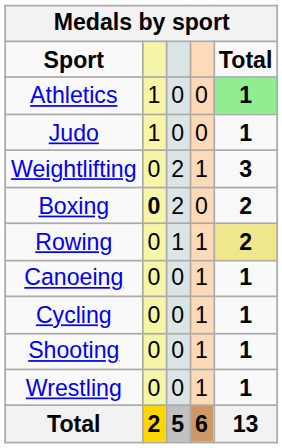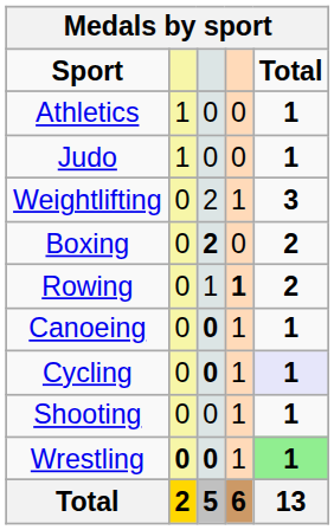 <table class="wikitable" style="font-size:85%; float: right;">
 <tr style="background:#efefef;">
 <th colspan=5><strong>Medals by sport</strong></th>
 </tr>
 <tr align=center>
 <td><strong>Sport</strong></td>
 <td bgcolor=#f7f6a8></td>
 <td bgcolor=#dce5e5></td>
 <td bgcolor=#ffdab9></td>
 <td><strong>Total</strong></td>
 </tr>
 <tr align=center>
 <td><a href='#'>Athletics</a></td>
 <td style="background:#F7F6A8;">1</td>
 <td style="background:#DCE5E5;">0</td>
 <td style="background:#FFDAB9;">0</td>
-<td style="background: lightgreen;"><strong>1</strong></td>
+<td><strong>1</strong></td>
 </tr>
 <tr align=center>
 <td><a href='#'>Judo</a></td>
 <td style="background:#F7F6A8;">1</td>
 <td style="background:#DCE5E5;">0</td>
 <td style="background:#FFDAB9;">0</td>
 <td><strong>1</strong></td>
 </tr>
 <tr align=center>
 <td><a href='#'>Weightlifting</a></td>
 <td style="background:#F7F6A8;">0</td>
 <td style="background:#DCE5E5;">2</td>
 <td style="background:#FFDAB9;">1</td>
 <td><strong>3</strong></td>
 </tr>
 <tr align=center>
 <td><a href='#'>Boxing</a></td>
-<td style="background:#F7F6A8;"><strong>0</strong></td>
-<td style="background:#DCE5E5;">2</td>
+<td style="background:#F7F6A8;">0</td>
+<td style="background:#DCE5E5;"><strong>2</strong></td>
 <td style="background:#FFDAB9;">0</td>
 <td><strong>2</strong></td>
 </tr>
 <tr align=center>
 <td><a href='#'>Rowing</a></td>
 <td style="background:#F7F6A8;">0</td>
 <td style="background:#DCE5E5;">1</td>
-<td style="background:#FFDAB9;">1</td>
-<td style="background: khaki;"><strong>2</strong></td>
+<td style="background:#FFDAB9;"><strong>1</strong></td>
+<td><strong>2</strong></td>
 </tr>
 <tr align=center>
 <td><a href='#'>Canoeing</a></td>
 <td style="background:#F7F6A8;">0</td>
-<td style="background:#DCE5E5;">0</td>
+<td style="background:#DCE5E5;"><strong>0</strong></td>
 <td style="background:#FFDAB9;">1</td>
 <td><strong>1</strong></td>
 </tr>
 <tr align=center>
 <td><a href='#'>Cycling</a></td>
 <td style="background:#F7F6A8;">0</td>
-<td style="background:#DCE5E5;">0</td>
+<td style="background:#DCE5E5;"><strong>0</strong></td>
 <td style="background:#FFDAB9;">1</td>
-<td><strong>1</strong></td>
+<td style="background: lavender;"><strong>1</strong></td>
 </tr>
 <tr align=center>
 <td><a href='#'>Shooting</a></td>
 <td style="background:#F7F6A8;">0</td>
 <td style="background:#DCE5E5;">0</td>
 <td style="background:#FFDAB9;">1</td>
 <td><strong>1</strong></td>
 </tr>
 <tr align=center>
 <td><a href='#'>Wrestling</a></td>
-<td style="background:#F7F6A8;">0</td>
-<td style="background:#DCE5E5;">0</td>
+<td style="background:#F7F6A8;"><strong>0</strong></td>
+<td style="background:#DCE5E5;"><strong>0</strong></td>
 <td style="background:#FFDAB9;">1</td>
-<td><strong>1</strong></td>
+<td style="background: lightgreen;"><strong>1</strong></td>
 </tr>
 <tr align=center>
 <th><strong>Total</strong></th>
 <th style="background:gold;"><strong>2</strong></th>
 <th style="background:silver;"><strong>5</strong></th>
 <th style="background:#c96;"><strong>6</strong></th>
 <th><strong>13</strong></th>
 </tr>
 </table>
